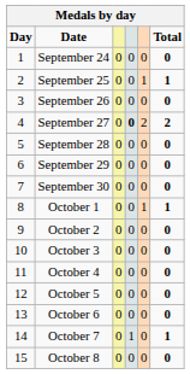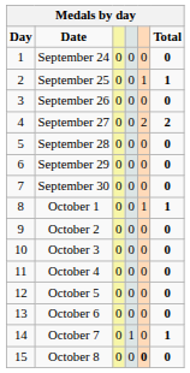 <table class=wikitable style="font-size:85%; text-align:center;float:right;clear:right;margin-left:1em;">
 <tr>
 <th colspan=7>Medals by day</th>
 </tr>
 <tr>
 <td><strong>Day</strong></td>
 <td><strong>Date</strong></td>
 <td bgcolor=F7F6A8></td>
 <td bgcolor=DCE5E5></td>
 <td bgcolor=FFDAB9></td>
 <td><strong>Total</strong></td>
 </tr>
 <tr>
 <td>1</td>
 <td>September 24</td>
 <td bgcolor=F7F6A8>0</td>
 <td bgcolor=DCE5E5>0</td>
 <td bgcolor=FFDAB9>0</td>
 <td><strong>0</strong></td>
 </tr>
 <tr>
 <td>2</td>
 <td>September 25</td>
 <td bgcolor=F7F6A8>0</td>
 <td bgcolor=DCE5E5>0</td>
 <td bgcolor=FFDAB9>1</td>
 <td><strong>1</strong></td>
 </tr>
 <tr>
 <td>3</td>
 <td>September 26</td>
 <td bgcolor=F7F6A8>0</td>
 <td bgcolor=DCE5E5>0</td>
 <td bgcolor=FFDAB9>0</td>
 <td><strong>0</strong></td>
 </tr>
 <tr>
 <td>4</td>
 <td>September 27</td>
 <td bgcolor=F7F6A8>0</td>
-<td bgcolor=DCE5E5><strong>0</strong></td>
+<td bgcolor=DCE5E5>0</td>
 <td bgcolor=FFDAB9>2</td>
 <td><strong>2</strong></td>
 </tr>
 <tr>
 <td>5</td>
 <td>September 28</td>
 <td bgcolor=F7F6A8>0</td>
 <td bgcolor=DCE5E5>0</td>
 <td bgcolor=FFDAB9>0</td>
 <td><strong>0</strong></td>
 </tr>
 <tr>
 <td>6</td>
 <td>September 29</td>
 <td bgcolor=F7F6A8>0</td>
 <td bgcolor=DCE5E5>0</td>
 <td bgcolor=FFDAB9>0</td>
 <td><strong>0</strong></td>
 </tr>
 <tr>
 <td>7</td>
 <td>September 30</td>
 <td bgcolor=F7F6A8>0</td>
 <td bgcolor=DCE5E5>0</td>
 <td bgcolor=FFDAB9>0</td>
 <td><strong>0</strong></td>
 </tr>
 <tr>
 <td>8</td>
 <td>October 1</td>
 <td bgcolor=F7F6A8>0</td>
 <td bgcolor=DCE5E5>0</td>
 <td bgcolor=FFDAB9>1</td>
 <td><strong>1</strong></td>
 </tr>
 <tr>
 <td>9</td>
 <td>October 2</td>
 <td bgcolor=F7F6A8>0</td>
 <td bgcolor=DCE5E5>0</td>
 <td bgcolor=FFDAB9>0</td>
 <td><strong>0</strong></td>
 </tr>
 <tr>
 <td>10</td>
 <td>October 3</td>
 <td bgcolor=F7F6A8>0</td>
 <td bgcolor=DCE5E5>0</td>
 <td bgcolor=FFDAB9>0</td>
 <td><strong>0</strong></td>
 </tr>
 <tr>
 <td>11</td>
 <td>October 4</td>
 <td bgcolor=F7F6A8>0</td>
 <td bgcolor=DCE5E5>0</td>
 <td bgcolor=FFDAB9>0</td>
 <td><strong>0</strong></td>
 </tr>
 <tr>
 <td>12</td>
 <td>October 5</td>
 <td bgcolor=F7F6A8>0</td>
 <td bgcolor=DCE5E5>0</td>
 <td bgcolor=FFDAB9>0</td>
 <td><strong>0</strong></td>
 </tr>
 <tr>
 <td>13</td>
 <td>October 6</td>
 <td bgcolor=F7F6A8>0</td>
 <td bgcolor=DCE5E5>0</td>
 <td bgcolor=FFDAB9>0</td>
 <td><strong>0</strong></td>
 </tr>
 <tr>
 <td>14</td>
 <td>October 7</td>
 <td bgcolor=F7F6A8>0</td>
 <td bgcolor=DCE5E5>1</td>
 <td bgcolor=FFDAB9>0</td>
 <td><strong>1</strong></td>
 </tr>
 <tr>
 <td>15</td>
 <td>October 8</td>
 <td bgcolor=F7F6A8>0</td>
 <td bgcolor=DCE5E5>0</td>
-<td bgcolor=FFDAB9>0</td>
+<td bgcolor=FFDAB9><strong>0</strong></td>
 <td><strong>0</strong></td>
 </tr>
 </table>
